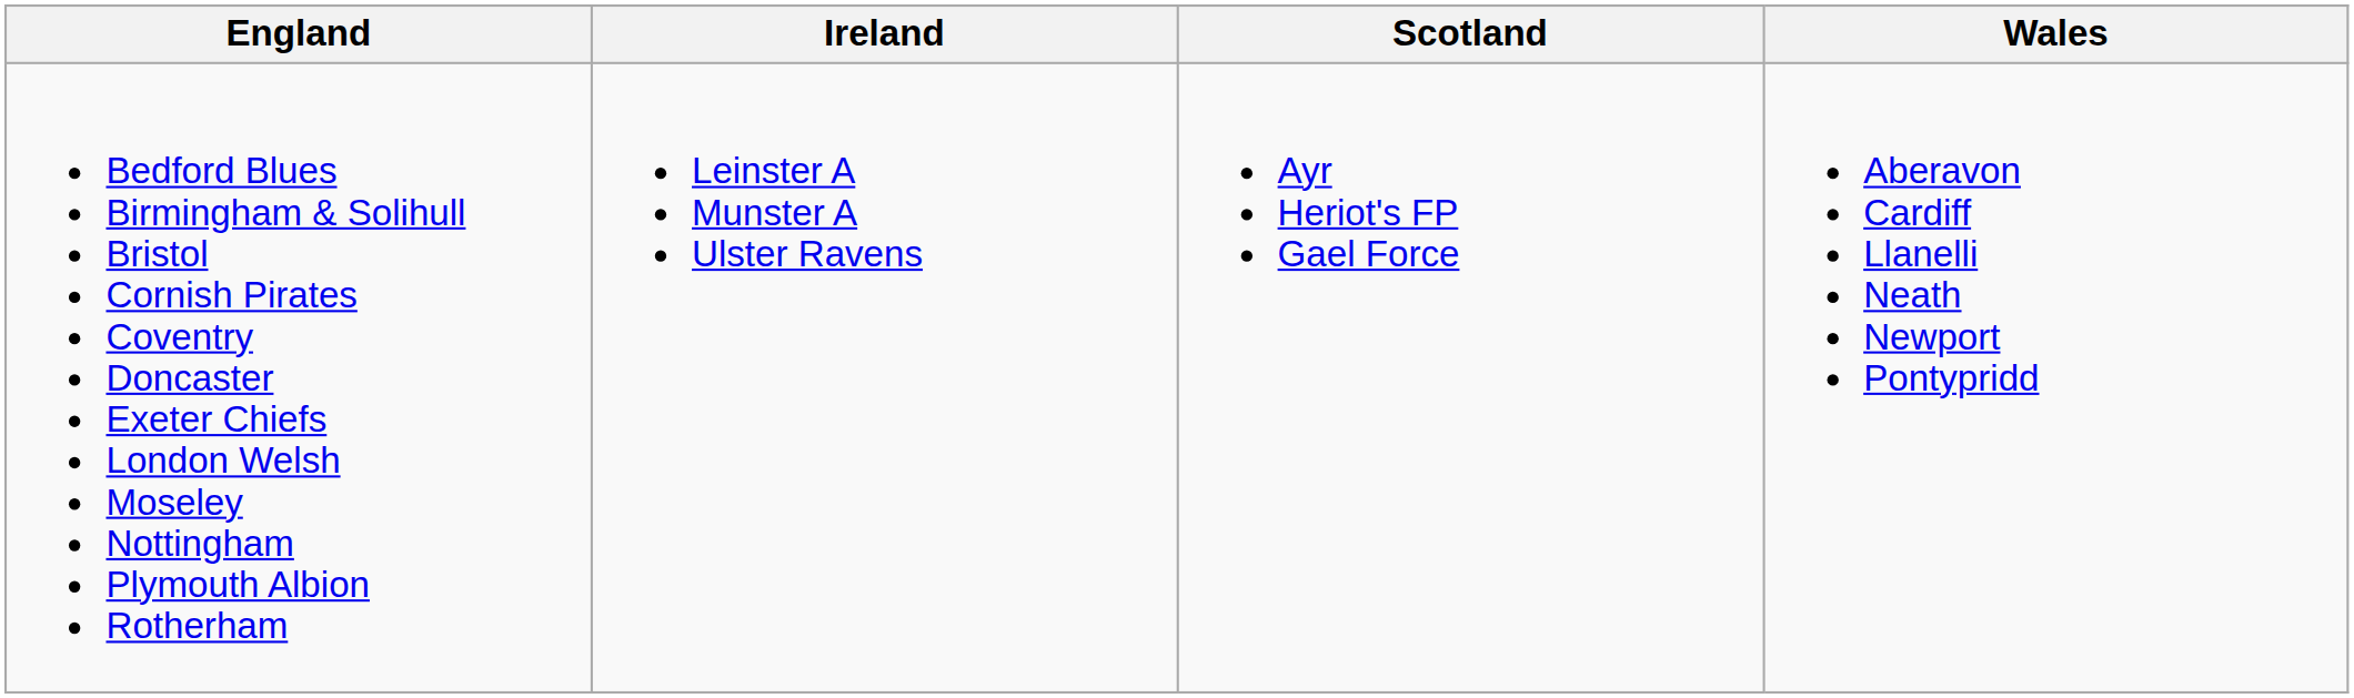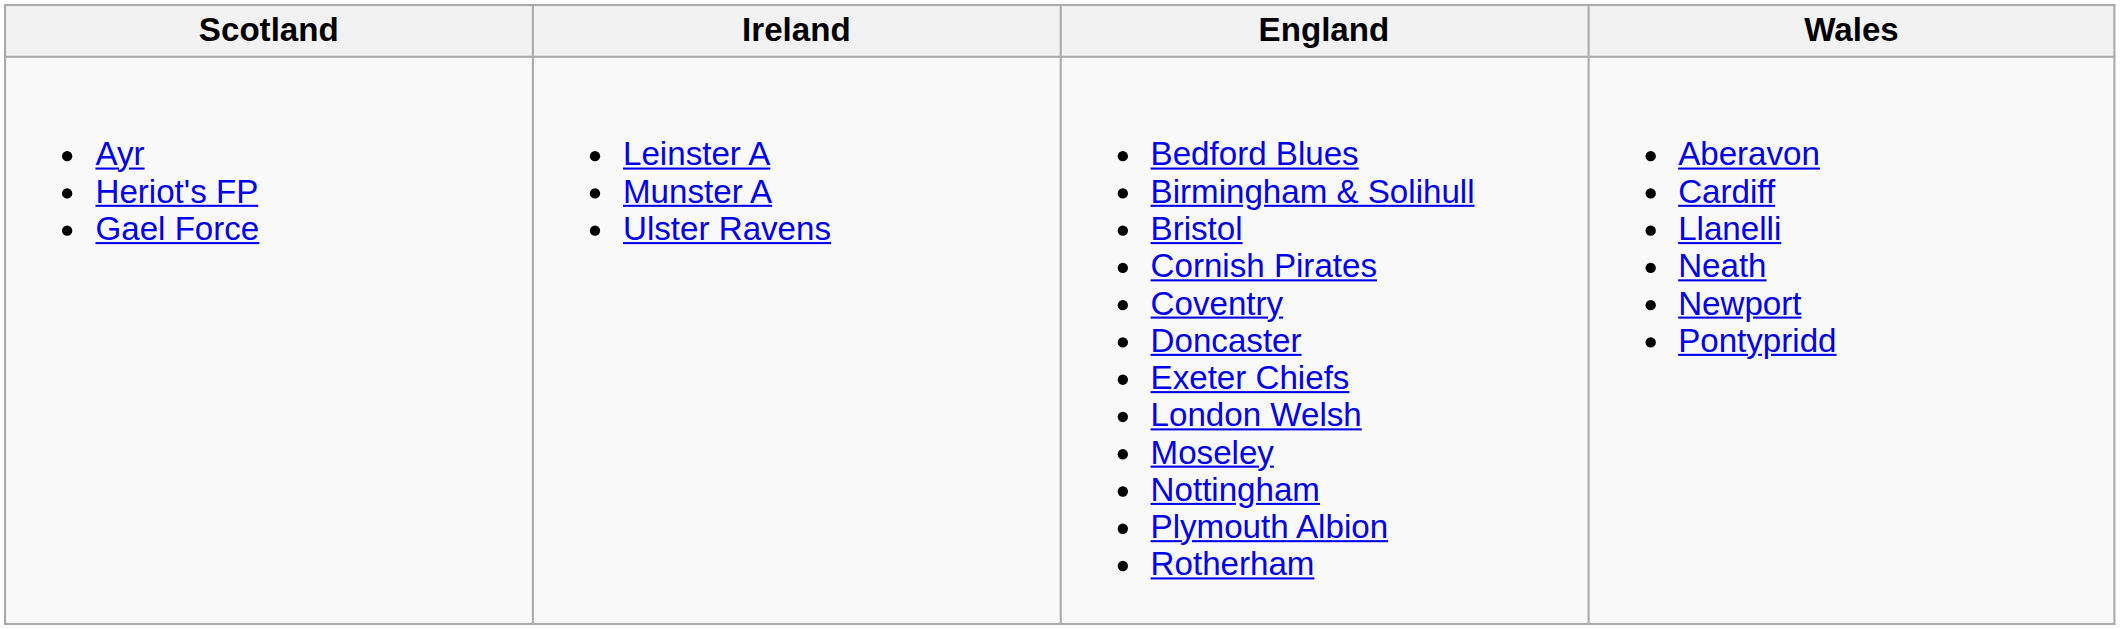 <table class="wikitable">
 <tr>
+<th width=20%> Scotland</th>
+<th width=20%> Ireland</th>
 <th width=20%> England</th>
-<th width=20%> Ireland</th>
-<th width=20%> Scotland</th>
 <th width=20%> Wales</th>
 </tr>
 <tr valign=top>
+<td><br><ul><li><a href='#'>Ayr</a></li><li><a href='#'>Heriot's FP</a></li><li><a href='#'>Gael Force</a></li></ul></td>
+<td><br><ul><li><a href='#'>Leinster A</a></li><li><a href='#'>Munster A</a></li><li><a href='#'>Ulster Ravens</a></li></ul></td>
 <td><br><ul><li><a href='#'>Bedford Blues</a></li><li><a href='#'>Birmingham & Solihull</a></li><li><a href='#'>Bristol</a></li><li><a href='#'>Cornish Pirates</a></li><li><a href='#'>Coventry</a></li><li><a href='#'>Doncaster</a></li><li><a href='#'>Exeter Chiefs</a></li><li><a href='#'>London Welsh</a></li><li><a href='#'>Moseley</a></li><li><a href='#'>Nottingham</a></li><li><a href='#'>Plymouth Albion</a></li><li><a href='#'>Rotherham</a></li></ul></td>
-<td><br><ul><li><a href='#'>Leinster A</a></li><li><a href='#'>Munster A</a></li><li><a href='#'>Ulster Ravens</a></li></ul></td>
-<td><br><ul><li><a href='#'>Ayr</a></li><li><a href='#'>Heriot's FP</a></li><li><a href='#'>Gael Force</a></li></ul></td>
 <td><br><ul><li><a href='#'>Aberavon</a></li><li><a href='#'>Cardiff</a></li><li><a href='#'>Llanelli</a></li><li><a href='#'>Neath</a></li><li><a href='#'>Newport</a></li><li><a href='#'>Pontypridd</a></li></ul></td>
 </tr>
 </table>
